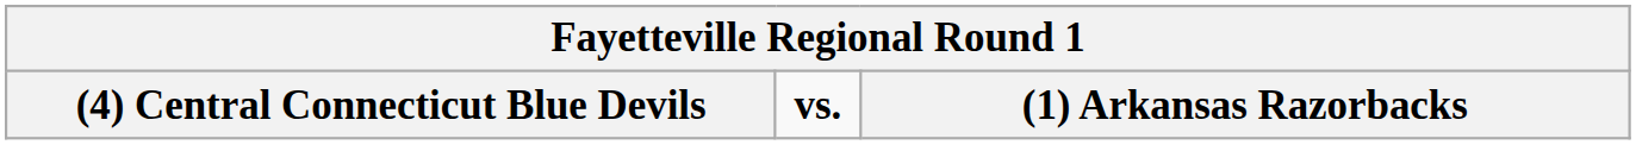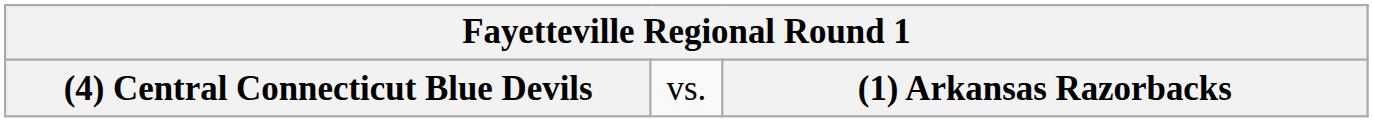 <table class="wikitable">
 <tr>
 <th style="width: 604px;" colspan=3>Fayetteville Regional Round 1</th>
 </tr>
 <tr>
 <th style="width: 289px; ">(4) Central Connecticut Blue Devils</th>
-<td style="width: 25px; text-align:center"><strong>vs.</strong></td>
+<td style="width: 25px; text-align:center">vs.</td>
 <th style="width: 289px; ">(1) Arkansas Razorbacks</th>
 </tr>
 </table>
